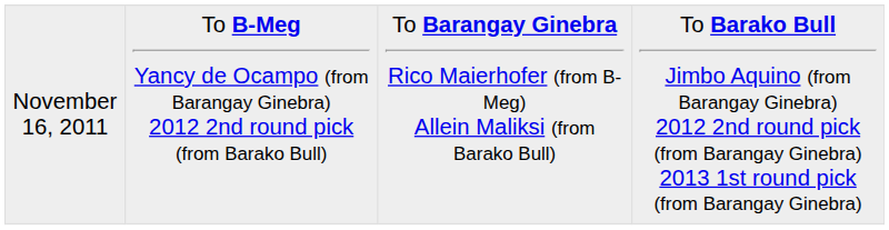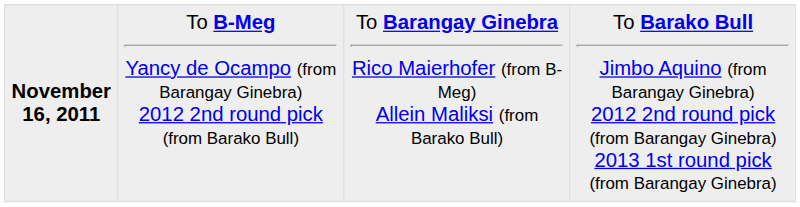 <table border=1 style="border-collapse:collapse; text-align: center; width: 100%" bordercolor="#DFDFDF"  cellpadding="5">
 <tr>
 </tr>
 <tr bgcolor="eeeeee">
-<td style="width:12%">November 16, 2011</td>
+<td style="width:12%"><strong>November 16, 2011</strong></td>
 <td style="width:29.3%" valign="top">To <strong><a href='#'>B-Meg</a></strong><hr><a href='#'>Yancy de Ocampo</a>  <small>(from Barangay Ginebra)</small> <br> <a href='#'>2012 2nd round pick</a> <small>(from Barako Bull)</small></td>
 <td style="width:29.3%" valign="top">To <strong><a href='#'>Barangay Ginebra</a></strong><hr><a href='#'>Rico Maierhofer</a> <small>(from B-Meg)</small> <br> <a href='#'>Allein Maliksi</a> <small>(from Barako Bull)</small></td>
 <td style="width:29.3%" valign="top">To <strong><a href='#'>Barako Bull</a></strong><hr><a href='#'>Jimbo Aquino</a> <small>(from Barangay Ginebra)</small> <br> <a href='#'>2012 2nd round pick</a> <small>(from Barangay Ginebra)</small> <br> <a href='#'>2013 1st round pick</a> <small>(from Barangay Ginebra)</small></td>
 </tr>
 </table>
